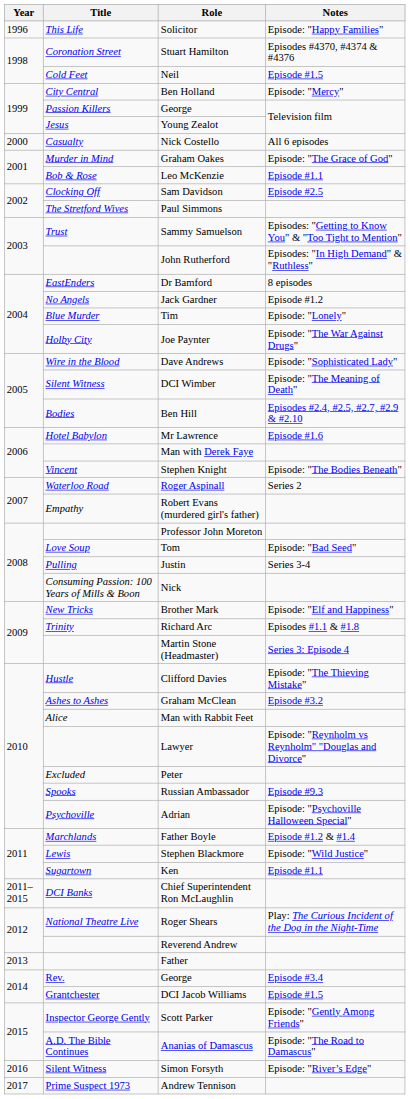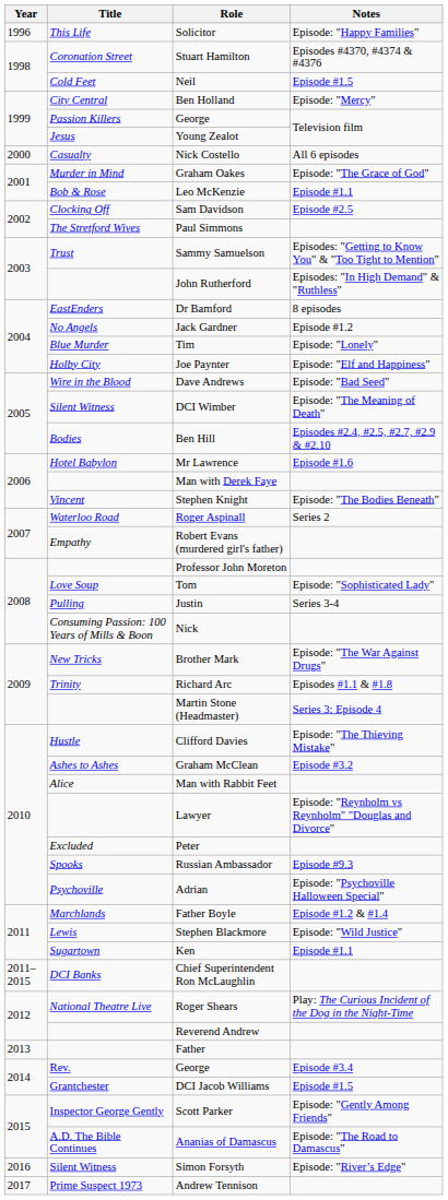 <table class="wikitable sortable">
 <tr style="background:#b0c4de; text-align:center;">
 <th>Year</th>
 <th>Title</th>
 <th>Role</th>
 <th>Notes</th>
 </tr>
 <tr>
 <td>1996</td>
 <td><em><a href='#'>This Life</a></em></td>
 <td>Solicitor</td>
 <td>Episode: "<a href='#'>Happy Families</a>"</td>
 </tr>
 <tr>
 <td rowspan="2">1998</td>
 <td><em><a href='#'>Coronation Street</a></em></td>
 <td>Stuart Hamilton</td>
 <td>Episodes #4370, #4374 & #4376</td>
 </tr>
 <tr>
 <td><em><a href='#'>Cold Feet</a></em></td>
 <td>Neil</td>
 <td><a href='#'>Episode #1.5</a></td>
 </tr>
 <tr>
 <td rowspan="3">1999</td>
 <td><em><a href='#'>City Central</a></em></td>
 <td>Ben Holland</td>
 <td>Episode: "<a href='#'>Mercy</a>"</td>
 </tr>
 <tr>
 <td><em><a href='#'>Passion Killers</a></em></td>
 <td>George</td>
 <td rowspan="2">Television film</td>
 </tr>
 <tr>
 <td><em><a href='#'>Jesus</a></em></td>
 <td>Young Zealot</td>
 </tr>
 <tr>
 <td>2000</td>
 <td><em><a href='#'>Casualty</a></em></td>
 <td>Nick Costello</td>
 <td>All 6 episodes</td>
 </tr>
 <tr>
 <td rowspan="2">2001</td>
 <td><em><a href='#'>Murder in Mind</a></em></td>
 <td>Graham Oakes</td>
 <td>Episode: "<a href='#'>The Grace of God</a>"</td>
 </tr>
 <tr>
 <td><em><a href='#'>Bob & Rose</a></em></td>
 <td>Leo McKenzie</td>
 <td><a href='#'>Episode #1.1</a></td>
 </tr>
 <tr>
 <td rowspan="2">2002</td>
 <td><em><a href='#'>Clocking Off</a></em></td>
 <td>Sam Davidson</td>
 <td><a href='#'>Episode #2.5</a></td>
 </tr>
 <tr>
 <td><em><a href='#'>The Stretford Wives</a></em></td>
 <td>Paul Simmons</td>
 <td></td>
 </tr>
 <tr>
 <td rowspan="2">2003</td>
 <td><em><a href='#'>Trust</a></em></td>
 <td>Sammy Samuelson</td>
 <td>Episodes: "<a href='#'>Getting to Know You</a>" & "<a href='#'>Too Tight to Mention</a>"</td>
 </tr>
 <tr>
 <td><em></em></td>
 <td>John Rutherford</td>
 <td>Episodes: "<a href='#'>In High Demand</a>" & "<a href='#'>Ruthless</a>"</td>
 </tr>
 <tr>
 <td rowspan="4">2004</td>
 <td><em><a href='#'>EastEnders</a></em></td>
 <td>Dr Bamford</td>
 <td>8 episodes</td>
 </tr>
 <tr>
 <td><em><a href='#'>No Angels</a></em></td>
 <td>Jack Gardner</td>
 <td>Episode #1.2</td>
 </tr>
 <tr>
 <td><em><a href='#'>Blue Murder</a></em></td>
 <td>Tim</td>
 <td>Episode: "<a href='#'>Lonely</a>"</td>
 </tr>
 <tr>
 <td><em><a href='#'>Holby City</a></em></td>
 <td>Joe Paynter</td>
-<td>Episode: "<a href='#'>The War Against Drugs</a>"</td>
+<td>Episode: "<a href='#'>Elf and Happiness</a>"</td>
 </tr>
 <tr>
 <td rowspan="3">2005</td>
 <td><em><a href='#'>Wire in the Blood</a></em></td>
 <td>Dave Andrews</td>
-<td>Episode: "<a href='#'>Sophisticated Lady</a>"</td>
+<td>Episode: "<a href='#'>Bad Seed</a>"</td>
 </tr>
 <tr>
 <td><em><a href='#'>Silent Witness</a></em></td>
 <td>DCI Wimber</td>
 <td>Episode: "<a href='#'>The Meaning of Death</a>"</td>
 </tr>
 <tr>
 <td><em><a href='#'>Bodies</a></em></td>
 <td>Ben Hill</td>
 <td><a href='#'>Episodes #2.4, #2.5, #2.7, #2.9 & #2.10</a></td>
 </tr>
 <tr>
 <td rowspan="3">2006</td>
 <td><em><a href='#'>Hotel Babylon</a></em></td>
 <td>Mr Lawrence</td>
 <td><a href='#'>Episode #1.6</a></td>
 </tr>
 <tr>
 <td><em></em></td>
 <td>Man with <a href='#'>Derek Faye</a></td>
 <td></td>
 </tr>
 <tr>
 <td><em><a href='#'>Vincent</a></em></td>
 <td>Stephen Knight</td>
 <td>Episode: "<a href='#'>The Bodies Beneath</a>"</td>
 </tr>
 <tr>
 <td rowspan="2">2007</td>
 <td><em><a href='#'>Waterloo Road</a></em></td>
 <td><a href='#'>Roger Aspinall</a></td>
 <td>Series 2</td>
 </tr>
 <tr>
 <td><em>Empathy</em></td>
 <td>Robert Evans<br>(murdered girl's father)</td>
 <td></td>
 </tr>
 <tr>
 <td rowspan="4">2008</td>
 <td><em></em></td>
 <td>Professor John Moreton</td>
 <td></td>
 </tr>
 <tr>
 <td><em><a href='#'>Love Soup</a></em></td>
 <td>Tom</td>
-<td>Episode: "<a href='#'>Bad Seed</a>"</td>
+<td>Episode: "<a href='#'>Sophisticated Lady</a>"</td>
 </tr>
 <tr>
 <td><em><a href='#'>Pulling</a></em></td>
 <td>Justin</td>
 <td>Series 3-4</td>
 </tr>
 <tr>
 <td><em>Consuming Passion: 100 Years of Mills & Boon</em></td>
 <td>Nick</td>
 <td></td>
 </tr>
 <tr>
 <td rowspan="3">2009</td>
 <td><em><a href='#'>New Tricks</a></em></td>
 <td>Brother Mark</td>
-<td>Episode: "<a href='#'>Elf and Happiness</a>"</td>
+<td>Episode: "<a href='#'>The War Against Drugs</a>"</td>
 </tr>
 <tr>
 <td><em><a href='#'>Trinity</a></em></td>
 <td>Richard Arc</td>
 <td>Episodes <a href='#'>#1.1</a> & <a href='#'>#1.8</a></td>
 </tr>
 <tr>
 <td><em></em></td>
 <td>Martin Stone (Headmaster)</td>
 <td><a href='#'>Series 3: Episode 4</a></td>
 </tr>
 <tr>
 <td rowspan="7">2010</td>
 <td><em><a href='#'>Hustle</a></em></td>
 <td>Clifford Davies</td>
 <td>Episode: "<a href='#'>The Thieving Mistake</a>"</td>
 </tr>
 <tr>
 <td><em><a href='#'>Ashes to Ashes</a></em></td>
 <td>Graham McClean</td>
 <td><a href='#'>Episode #3.2</a></td>
 </tr>
 <tr>
 <td><em>Alice</em></td>
 <td>Man with Rabbit Feet</td>
 <td></td>
 </tr>
 <tr>
 <td><em></em></td>
 <td>Lawyer</td>
 <td>Episode: "<a href='#'>Reynholm vs Reynholm" "Douglas and Divorce</a>"</td>
 </tr>
 <tr>
 <td><em>Excluded</em></td>
 <td>Peter</td>
 <td></td>
 </tr>
 <tr>
 <td><em><a href='#'>Spooks</a></em></td>
 <td>Russian Ambassador</td>
 <td><a href='#'>Episode #9.3</a></td>
 </tr>
 <tr>
 <td><em><a href='#'>Psychoville</a></em></td>
 <td>Adrian</td>
 <td>Episode: "<a href='#'>Psychoville Halloween Special</a>"</td>
 </tr>
 <tr>
 <td rowspan="3">2011</td>
 <td><em><a href='#'>Marchlands</a></em></td>
 <td>Father Boyle</td>
 <td><a href='#'>Episode #1.2</a> & <a href='#'>#1.4</a></td>
 </tr>
 <tr>
 <td><em><a href='#'>Lewis</a></em></td>
 <td>Stephen Blackmore</td>
 <td>Episode: "<a href='#'>Wild Justice</a>"</td>
 </tr>
 <tr>
 <td><em><a href='#'>Sugartown</a></em></td>
 <td>Ken</td>
 <td><a href='#'>Episode #1.1</a></td>
 </tr>
 <tr>
 <td>2011–2015</td>
 <td><em><a href='#'>DCI Banks</a></em></td>
 <td>Chief Superintendent Ron McLaughlin</td>
 <td></td>
 </tr>
 <tr>
 <td rowspan="2">2012</td>
 <td><em><a href='#'>National Theatre Live</a></em></td>
 <td>Roger Shears<br></td>
 <td>Play: <em><a href='#'>The Curious Incident of the Dog in the Night-Time</a></em></td>
 </tr>
 <tr>
 <td><em></em></td>
 <td>Reverend Andrew</td>
 <td></td>
 </tr>
 <tr>
 <td>2013</td>
 <td><em></td>
 <td>Father</td>
 <td></td>
 </tr>
 <tr>
 <td rowspan="2">2014</td>
 <td></em><a href='#'>Rev.</a><em></td>
 <td>George</td>
 <td><a href='#'>Episode #3.4</a></td>
 </tr>
 <tr>
 <td></em><a href='#'>Grantchester</a><em></td>
 <td>DCI Jacob Williams</td>
 <td><a href='#'>Episode #1.5</a></td>
 </tr>
 <tr>
 <td rowspan="2">2015</td>
 <td></em><a href='#'>Inspector George Gently</a><em></td>
 <td>Scott Parker</td>
 <td>Episode: "<a href='#'>Gently Among Friends</a>"</td>
 </tr>
 <tr>
 <td></em><a href='#'>A.D. The Bible Continues</a><em></td>
 <td><a href='#'>Ananias of Damascus</a></td>
 <td>Episode: "<a href='#'>The Road to Damascus</a>"</td>
 </tr>
 <tr>
 <td>2016</td>
 <td></em><a href='#'>Silent Witness</a><em></td>
 <td>Simon Forsyth</td>
 <td>Episode: "<a href='#'>River’s Edge</a>"</td>
 </tr>
 <tr>
 <td>2017</td>
 <td></em><a href='#'>Prime Suspect 1973</a><em></td>
 <td>Andrew Tennison</td>
 <td></td>
 </tr>
 </table>
